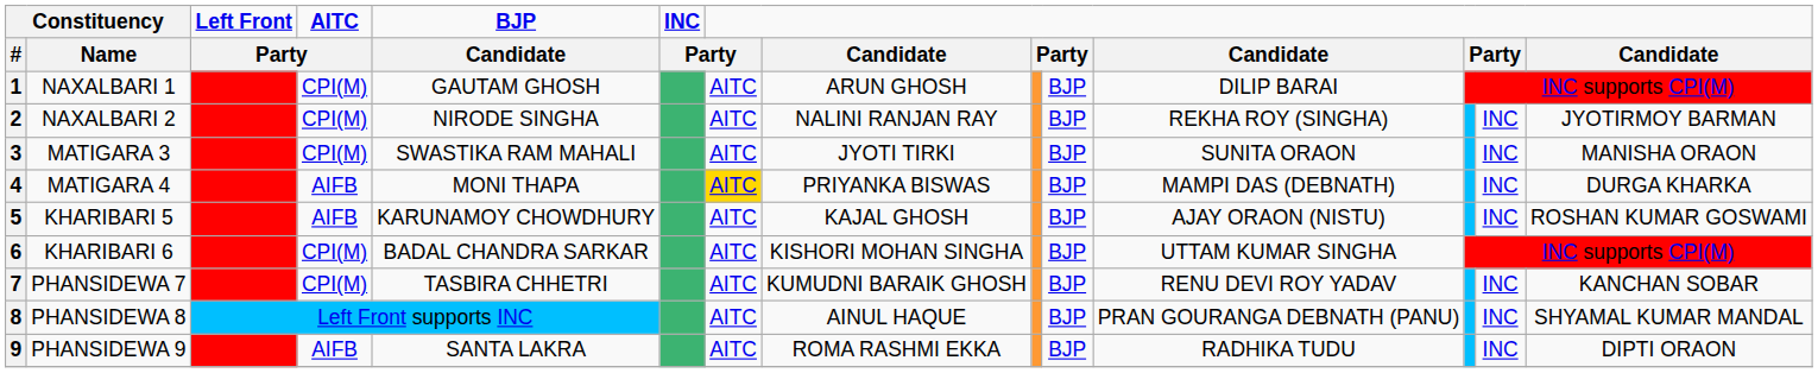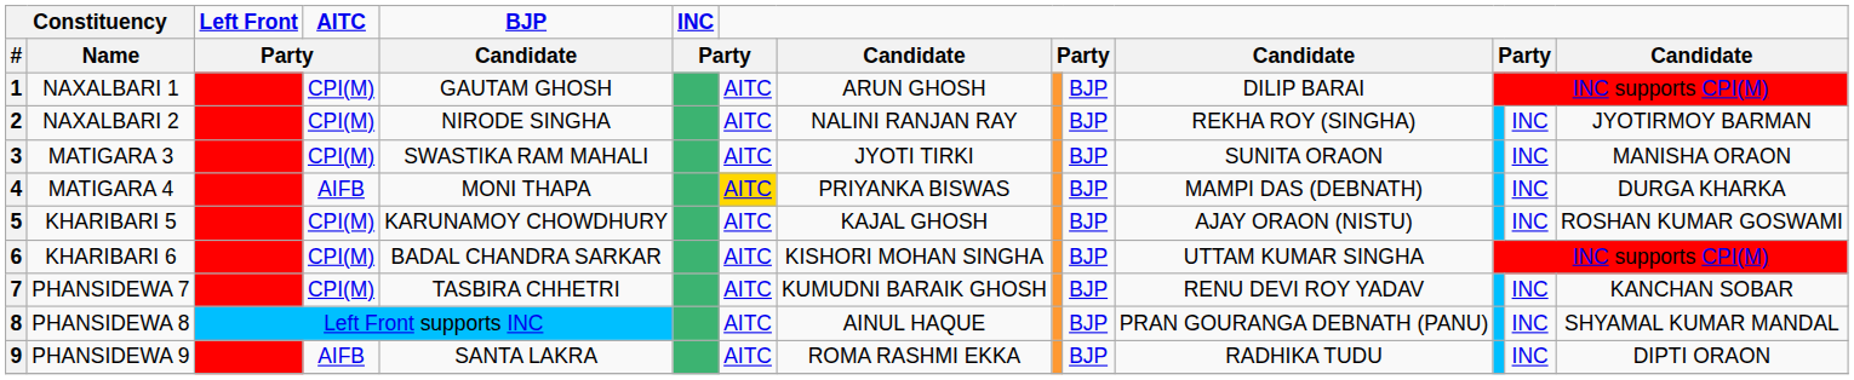 <table class="wikitable sortable" style="text-align:center;">
 <tr>
 <th colspan="2">Constituency</th>
 <td><a href='#'><span><strong>Left Front</strong></span></a></td>
 <td><a href='#'><span><strong>AITC</strong></span></a></td>
 <td><a href='#'><span><strong>BJP</strong></span></a></td>
 <td><a href='#'><span><strong>INC</strong></span></a></td>
 </tr>
 <tr>
 <th>#</th>
 <th>Name</th>
 <th colspan="2">Party</th>
 <th>Candidate</th>
 <th colspan="2">Party</th>
 <th>Candidate</th>
 <th colspan="2">Party</th>
 <th>Candidate</th>
 <th colspan="2">Party</th>
 <th>Candidate</th>
 </tr>
 <tr>
 <th>1</th>
 <td>NAXALBARI 1</td>
 <td style="color:inherit;background:#FF0000"></td>
 <td><a href='#'>CPI(M)</a></td>
 <td>GAUTAM GHOSH</td>
 <td style="color:inherit;background:#3CB371"></td>
 <td><a href='#'>AITC</a></td>
 <td>ARUN GHOSH</td>
 <td style="color:inherit;background:#FF9933"></td>
 <td><a href='#'>BJP</a></td>
 <td>DILIP BARAI</td>
 <td colspan="3" bgcolor="#FF0000"><a href='#'>INC</a> supports <a href='#'>CPI(M)</a></td>
 </tr>
 <tr>
 <th>2</th>
 <td>NAXALBARI 2</td>
 <td style="color:inherit;background:#FF0000"></td>
 <td><a href='#'>CPI(M)</a></td>
 <td>NIRODE SINGHA</td>
 <td style="color:inherit;background:#3CB371"></td>
 <td><a href='#'>AITC</a></td>
 <td>NALINI RANJAN RAY</td>
 <td style="color:inherit;background:#FF9933"></td>
 <td><a href='#'>BJP</a></td>
 <td>REKHA ROY (SINGHA)</td>
 <td style="color:inherit;background:#00BFFF"></td>
 <td><a href='#'>INC</a></td>
 <td>JYOTIRMOY BARMAN</td>
 </tr>
 <tr>
 <th>3</th>
 <td>MATIGARA 3</td>
 <td style="color:inherit;background:#FF0000"></td>
 <td><a href='#'>CPI(M)</a></td>
 <td>SWASTIKA RAM MAHALI</td>
 <td style="color:inherit;background:#3CB371"></td>
 <td><a href='#'>AITC</a></td>
 <td>JYOTI TIRKI</td>
 <td style="color:inherit;background:#FF9933"></td>
 <td><a href='#'>BJP</a></td>
 <td>SUNITA ORAON</td>
 <td style="color:inherit;background:#00BFFF"></td>
 <td><a href='#'>INC</a></td>
 <td>MANISHA ORAON</td>
 </tr>
 <tr>
 <th>4</th>
 <td>MATIGARA 4</td>
 <td style="color:inherit;background:#FF0000"></td>
 <td><a href='#'>AIFB</a></td>
 <td>MONI THAPA</td>
 <td style="color:inherit;background:#3CB371"></td>
 <td style="background: gold;"><a href='#'>AITC</a></td>
 <td>PRIYANKA BISWAS</td>
 <td style="color:inherit;background:#FF9933"></td>
 <td><a href='#'>BJP</a></td>
 <td>MAMPI DAS (DEBNATH)</td>
 <td style="color:inherit;background:#00BFFF"></td>
 <td><a href='#'>INC</a></td>
 <td>DURGA KHARKA</td>
 </tr>
 <tr>
 <th>5</th>
 <td>KHARIBARI 5</td>
 <td style="color:inherit;background:#FF0000"></td>
-<td><a href='#'>AIFB</a></td>
+<td><a href='#'>CPI(M)</a></td>
 <td>KARUNAMOY CHOWDHURY</td>
 <td style="color:inherit;background:#3CB371"></td>
 <td><a href='#'>AITC</a></td>
 <td>KAJAL GHOSH</td>
 <td style="color:inherit;background:#FF9933"></td>
 <td><a href='#'>BJP</a></td>
 <td>AJAY ORAON (NISTU)</td>
 <td style="color:inherit;background:#00BFFF"></td>
 <td><a href='#'>INC</a></td>
 <td>ROSHAN KUMAR GOSWAMI</td>
 </tr>
 <tr>
 <th>6</th>
 <td>KHARIBARI 6</td>
 <td style="color:inherit;background:#FF0000"></td>
 <td><a href='#'>CPI(M)</a></td>
 <td>BADAL CHANDRA SARKAR</td>
 <td style="color:inherit;background:#3CB371"></td>
 <td><a href='#'>AITC</a></td>
 <td>KISHORI MOHAN SINGHA</td>
 <td style="color:inherit;background:#FF9933"></td>
 <td><a href='#'>BJP</a></td>
 <td>UTTAM KUMAR SINGHA</td>
 <td colspan="3" bgcolor="#FF0000"><a href='#'>INC</a> supports <a href='#'>CPI(M)</a></td>
 </tr>
 <tr>
 <th>7</th>
 <td>PHANSIDEWA 7</td>
 <td style="color:inherit;background:#FF0000"></td>
 <td><a href='#'>CPI(M)</a></td>
 <td>TASBIRA CHHETRI</td>
 <td style="color:inherit;background:#3CB371"></td>
 <td><a href='#'>AITC</a></td>
 <td>KUMUDNI BARAIK GHOSH</td>
 <td style="color:inherit;background:#FF9933"></td>
 <td><a href='#'>BJP</a></td>
 <td>RENU DEVI ROY YADAV</td>
 <td style="color:inherit;background:#00BFFF"></td>
 <td><a href='#'>INC</a></td>
 <td>KANCHAN SOBAR</td>
 </tr>
 <tr>
 <th>8</th>
 <td>PHANSIDEWA 8</td>
 <td colspan="3" bgcolor="#00BFFF"><a href='#'>Left Front</a> supports <a href='#'>INC</a></td>
 <td style="color:inherit;background:#3CB371"></td>
 <td><a href='#'>AITC</a></td>
 <td>AINUL HAQUE</td>
 <td style="color:inherit;background:#FF9933"></td>
 <td><a href='#'>BJP</a></td>
 <td>PRAN GOURANGA DEBNATH (PANU)</td>
 <td style="color:inherit;background:#00BFFF"></td>
 <td><a href='#'>INC</a></td>
 <td>SHYAMAL KUMAR MANDAL</td>
 </tr>
 <tr>
 <th>9</th>
 <td>PHANSIDEWA 9</td>
 <td style="color:inherit;background:#FF0000"></td>
 <td><a href='#'>AIFB</a></td>
 <td>SANTA LAKRA</td>
 <td style="color:inherit;background:#3CB371"></td>
 <td><a href='#'>AITC</a></td>
 <td>ROMA RASHMI EKKA</td>
 <td style="color:inherit;background:#FF9933"></td>
 <td><a href='#'>BJP</a></td>
 <td>RADHIKA TUDU</td>
 <td style="color:inherit;background:#00BFFF"></td>
 <td><a href='#'>INC</a></td>
 <td>DIPTI ORAON</td>
 </tr>
 <tr>
 </tr>
 </table>
